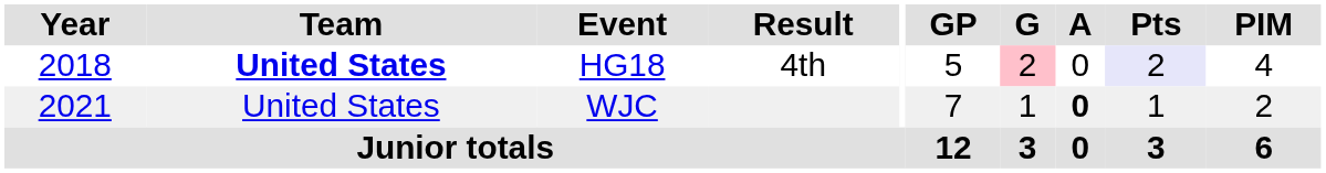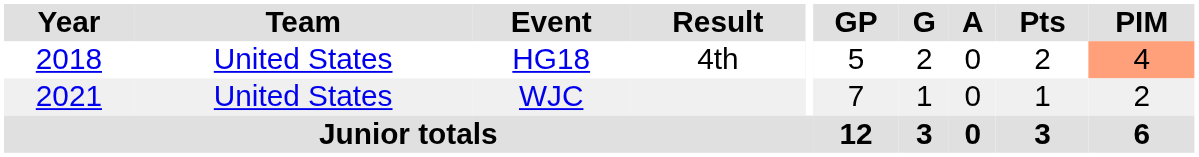 <table border="0" cellpadding="1" cellspacing="0" ID="Table3" style="text-align:center; width:40em;">
 <tr bgcolor="#e0e0e0">
 <th>Year</th>
 <th>Team</th>
 <th>Event</th>
 <th>Result</th>
 <th rowspan="98" bgcolor="#ffffff"></th>
 <th>GP</th>
 <th>G</th>
 <th>A</th>
 <th>Pts</th>
 <th>PIM</th>
 </tr>
 <tr>
 <td><a href='#'>2018</a></td>
-<td><strong><a href='#'>United States</a></strong></td>
+<td><a href='#'>United States</a></td>
 <td><a href='#'>HG18</a></td>
 <td>4th</td>
 <td>5</td>
-<td style="background: pink;">2</td>
+<td>2</td>
 <td>0</td>
-<td style="background: lavender;">2</td>
-<td>4</td>
+<td>2</td>
+<td style="background: lightsalmon;">4</td>
 </tr>
 <tr bgcolor="#f0f0f0">
 <td><a href='#'>2021</a></td>
 <td><a href='#'>United States</a></td>
 <td><a href='#'>WJC</a></td>
 <td></td>
 <td>7</td>
 <td>1</td>
-<td><strong>0</strong></td>
+<td>0</td>
 <td>1</td>
 <td>2</td>
 </tr>
 <tr bgcolor="#e0e0e0">
 <th colspan="5">Junior totals</th>
 <th>12</th>
 <th>3</th>
 <th>0</th>
 <th>3</th>
 <th>6</th>
 </tr>
 </table>
